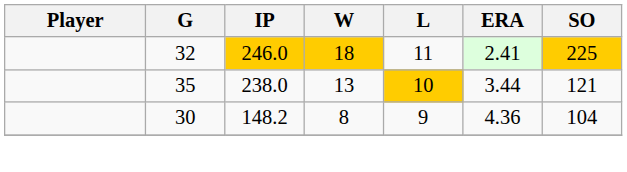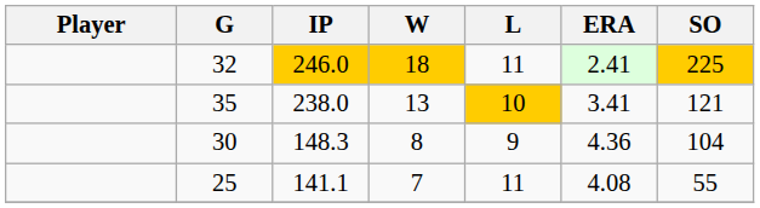 <table class="wikitable sortable">
 <tr>
 <th bgcolor="#DDDDFF" width="16%">Player</th>
 <th bgcolor="#DDDDFF" width="9%">G</th>
 <th bgcolor="#DDDDFF" width="9%">IP</th>
 <th bgcolor="#DDDDFF" width="9%">W</th>
 <th bgcolor="#DDDDFF" width="9%">L</th>
 <th bgcolor="#DDDDFF" width="9%">ERA</th>
 <th bgcolor="#DDDDFF" width="9%">SO</th>
 </tr>
 <tr align="center">
 <td></td>
 <td>32</td>
 <td style="background:#fc0;">246.0</td>
 <td style="background:#fc0;">18</td>
 <td>11</td>
 <td style="background:#DDFFDD;">2.41</td>
 <td style="background:#fc0;">225</td>
 </tr>
 <tr align="center">
 <td></td>
 <td>35</td>
 <td>238.0</td>
 <td>13</td>
 <td style="background:#fc0;">10</td>
-<td>3.44</td>
+<td>3.41</td>
 <td>121</td>
 </tr>
 <tr align="center">
 <td></td>
 <td>30</td>
-<td>148.2</td>
+<td>148.3</td>
 <td>8</td>
 <td>9</td>
 <td>4.36</td>
 <td>104</td>
 </tr>
 <tr align="center">
+<td></td>
+<td>25</td>
+<td>141.1</td>
+<td>7</td>
+<td>11</td>
+<td>4.08</td>
+<td>55</td>
+</tr>
+<tr align="center">
 </tr>
 </table>
